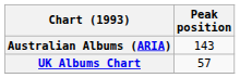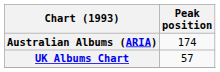 <table class="wikitable sortable plainrowheaders" style="text-align:center;">
 <tr>
 <th>Chart (1993)</th>
 <th>Peak<br>position</th>
 </tr>
 <tr>
 <th scope="row">Australian Albums (<a href='#'>ARIA</a>)</th>
-<td>143</td>
+<td>174</td>
 </tr>
 <tr>
 <th scope="row"><a href='#'>UK Albums Chart</a></th>
 <td>57</td>
 </tr>
 <tr>
 </tr>
 </table>
